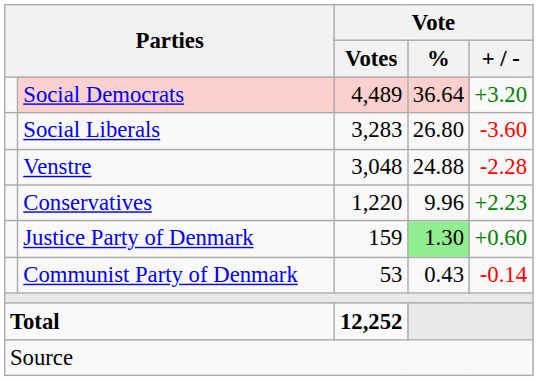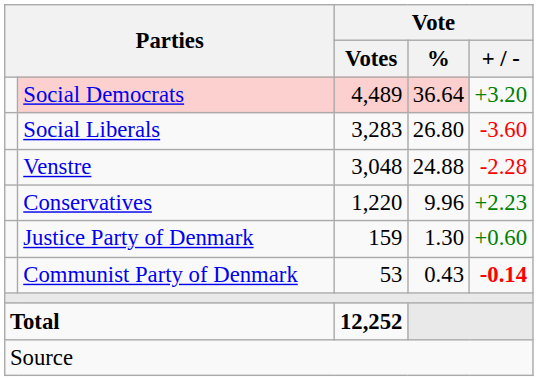 <table class="wikitable" style="text-align:right;">
 <tr>
 <th style="text-align:centre;" rowspan="2" colspan="2" width="225">Parties</th>
 <th colspan="3">Vote</th>
 </tr>
 <tr>
 <th width="15">Votes</th>
 <th width="15">%</th>
 <th width="15">+ / -</th>
 </tr>
 <tr>
 <td width="2" style="color:inherit;background:"></td>
 <td bgcolor=#fbd0ce  align="left"><a href='#'>Social Democrats</a></td>
 <td bgcolor=#fbd0ce>4,489</td>
 <td bgcolor=#fbd0ce>36.64</td>
 <td style=color:green;>+3.20</td>
 </tr>
 <tr>
 <td width="2" style="color:inherit;background:"></td>
 <td align="left"><a href='#'>Social Liberals</a></td>
 <td>3,283</td>
 <td>26.80</td>
 <td style=color:red;>-3.60</td>
 </tr>
 <tr>
 <td width="2" style="color:inherit;background:"></td>
 <td align="left"><a href='#'>Venstre</a></td>
 <td>3,048</td>
 <td>24.88</td>
 <td style=color:red;>-2.28</td>
 </tr>
 <tr>
 <td width="2" style="color:inherit;background:"></td>
 <td align="left"><a href='#'>Conservatives</a></td>
 <td>1,220</td>
 <td>9.96</td>
 <td style=color:green;>+2.23</td>
 </tr>
 <tr>
 <td width="2" style="color:inherit;background:"></td>
 <td align="left"><a href='#'>Justice Party of Denmark</a></td>
 <td>159</td>
-<td style="background: lightgreen;">1.30</td>
+<td>1.30</td>
 <td style=color:green;>+0.60</td>
 </tr>
 <tr>
 <td width="2" style="color:inherit;background:"></td>
 <td align="left"><a href='#'>Communist Party of Denmark</a></td>
 <td>53</td>
 <td>0.43</td>
-<td style=color:red;>-0.14</td>
+<td style=color:red;><strong>-0.14</strong></td>
 </tr>
 <tr>
 <td colspan="7" bgcolor="#E9E9E9"></td>
 </tr>
 <tr>
 <td align="left" colspan="2"><strong>Total</strong></td>
 <td><strong>12,252</strong></td>
 <td bgcolor="#E9E9E9" colspan="2"></td>
 </tr>
 <tr>
 <td align="left" colspan="6">Source</td>
 </tr>
 </table>
